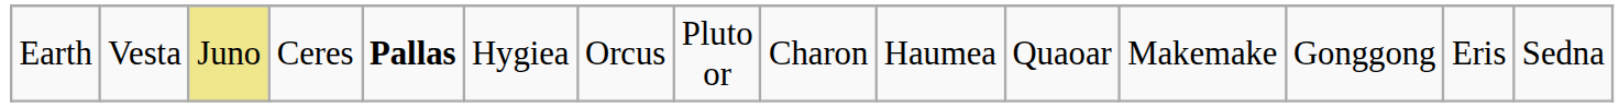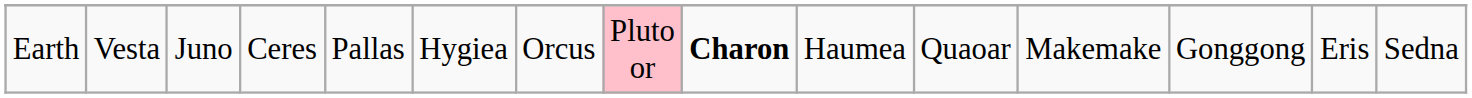 <table class="wikitable skin-invert" style="margin:1em auto 1em auto; float:right; margin:10px">
 <tr style="background:#ccf; font-size:smaller;">
 </tr>
 <tr style="font-size:smaller; text-align:center;">
 <td>Earth <br> </td>
 <td>Vesta <br> </td>
-<td style="background: khaki;">Juno <br> </td>
+<td>Juno <br> </td>
 <td>Ceres <br> </td>
-<td><strong>Pallas <br> </strong></td>
+<td>Pallas <br> </td>
 <td>Hygiea <br> </td>
 <td>Orcus <br> </td>
-<td>Pluto <br>  or </td>
-<td>Charon <br> </td>
+<td style="background: pink;">Pluto <br>  or </td>
+<td><strong>Charon <br> </strong></td>
 <td>Haumea <br> </td>
 <td>Quaoar <br> </td>
 <td>Makemake <br> </td>
 <td>Gonggong <br> </td>
 <td>Eris <br> </td>
 <td>Sedna <br> </td>
 </tr>
 </table>
